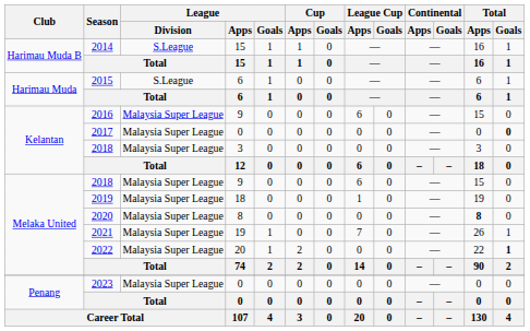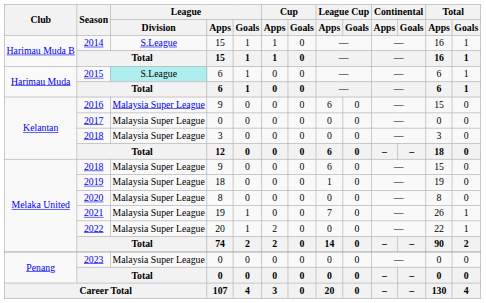 <table class=wikitable style="text-align:center">
 <tr>
 <th rowspan=2>Club</th>
 <th rowspan=2>Season</th>
 <th colspan=3>League</th>
 <th colspan=2>Cup</th>
 <th colspan=2>League Cup</th>
 <th colspan=2>Continental</th>
 <th colspan=2>Total</th>
 </tr>
 <tr>
 <th>Division</th>
 <th>Apps</th>
 <th>Goals</th>
 <th>Apps</th>
 <th>Goals</th>
 <th>Apps</th>
 <th>Goals</th>
 <th>Apps</th>
 <th>Goals</th>
 <th>Apps</th>
 <th>Goals</th>
 </tr>
 <tr>
 <td rowspan=2><a href='#'>Harimau Muda B</a></td>
 <td><a href='#'>2014</a></td>
 <td><a href='#'>S.League</a></td>
 <td>15</td>
 <td>1</td>
 <td>1</td>
 <td>0</td>
 <td colspan="2">—</td>
 <td colspan="2">—</td>
 <td>16</td>
 <td>1</td>
 </tr>
 <tr>
 <th colspan="2">Total</th>
 <th>15</th>
 <th>1</th>
 <th>1</th>
 <th>0</th>
 <th colspan="2">—</th>
 <th colspan="2">—</th>
 <th>16</th>
 <th>1</th>
 </tr>
 <tr>
 <td rowspan=2><a href='#'>Harimau Muda</a></td>
 <td><a href='#'>2015</a></td>
-<td>S.League</td>
+<td style="background: paleturquoise;">S.League</td>
 <td>6</td>
 <td>1</td>
 <td>0</td>
 <td>0</td>
 <td colspan="2">—</td>
 <td colspan="2">—</td>
 <td>6</td>
 <td>1</td>
 </tr>
 <tr>
 <th colspan="2">Total</th>
 <th>6</th>
 <th>1</th>
 <th>0</th>
 <th>0</th>
 <th colspan="2">—</th>
 <th colspan="2">—</th>
 <th>6</th>
 <th>1</th>
 </tr>
 <tr>
 <td rowspan=4><a href='#'>Kelantan</a></td>
 <td><a href='#'>2016</a></td>
 <td><a href='#'>Malaysia Super League</a></td>
 <td>9</td>
 <td>0</td>
 <td>0</td>
 <td>0</td>
 <td>6</td>
 <td>0</td>
 <td colspan="2">—</td>
 <td>15</td>
 <td>0</td>
 </tr>
 <tr>
 <td><a href='#'>2017</a></td>
 <td>Malaysia Super League</td>
 <td>0</td>
 <td>0</td>
 <td>0</td>
 <td>0</td>
 <td>0</td>
 <td>0</td>
 <td colspan="2">—</td>
 <td>0</td>
-<td><strong>0</strong></td>
+<td>0</td>
 </tr>
 <tr>
 <td><a href='#'>2018</a></td>
 <td>Malaysia Super League</td>
 <td>3</td>
 <td>0</td>
 <td>0</td>
 <td>0</td>
 <td>0</td>
 <td>0</td>
 <td colspan="2">—</td>
 <td>3</td>
 <td>0</td>
 </tr>
 <tr>
 <th colspan="2">Total</th>
 <th>12</th>
 <th>0</th>
 <th>0</th>
 <th>0</th>
 <th>6</th>
 <th>0</th>
 <th>–</th>
 <th>–</th>
 <th>18</th>
 <th>0</th>
 </tr>
 <tr>
 <td rowspan=6><a href='#'>Melaka United</a></td>
 <td><a href='#'>2018</a></td>
 <td>Malaysia Super League</td>
 <td>9</td>
 <td>0</td>
 <td>0</td>
 <td>0</td>
 <td>6</td>
 <td>0</td>
 <td colspan="2">—</td>
 <td>15</td>
 <td>0</td>
 </tr>
 <tr>
 <td><a href='#'>2019</a></td>
 <td>Malaysia Super League</td>
 <td>18</td>
 <td>0</td>
 <td>0</td>
 <td>0</td>
 <td>1</td>
 <td>0</td>
 <td colspan="2">—</td>
 <td>19</td>
 <td>0</td>
 </tr>
 <tr>
 <td><a href='#'>2020</a></td>
 <td>Malaysia Super League</td>
 <td>8</td>
 <td>0</td>
 <td>0</td>
 <td>0</td>
 <td>0</td>
 <td>0</td>
 <td colspan="2">—</td>
-<td><strong>8</strong></td>
+<td>8</td>
 <td>0</td>
 </tr>
 <tr>
 <td><a href='#'>2021</a></td>
 <td>Malaysia Super League</td>
 <td>19</td>
 <td>1</td>
 <td>0</td>
 <td>0</td>
 <td>7</td>
 <td>0</td>
 <td colspan="2">—</td>
 <td>26</td>
 <td>1</td>
 </tr>
 <tr>
 <td><a href='#'>2022</a></td>
 <td>Malaysia Super League</td>
 <td>20</td>
 <td>1</td>
 <td>2</td>
 <td>0</td>
 <td>0</td>
 <td>0</td>
 <td colspan="2">—</td>
 <td>22</td>
-<td><strong>1</strong></td>
+<td>1</td>
 </tr>
 <tr>
 <th colspan="2">Total</th>
 <th>74</th>
 <th>2</th>
 <th>2</th>
 <th>0</th>
 <th>14</th>
 <th>0</th>
 <th>–</th>
 <th>–</th>
 <th>90</th>
 <th>2</th>
 </tr>
 <tr>
 </tr>
 <tr>
 <td rowspan=2><a href='#'>Penang</a></td>
 <td><a href='#'>2023</a></td>
 <td>Malaysia Super League</td>
 <td>0</td>
 <td>0</td>
 <td>0</td>
 <td>0</td>
 <td>0</td>
 <td>0</td>
 <td colspan="2">—</td>
 <td>0</td>
 <td>0</td>
 </tr>
 <tr>
 <th colspan="2">Total</th>
 <th>0</th>
 <th>0</th>
 <th>0</th>
 <th>0</th>
 <th>0</th>
 <th>0</th>
 <th>–</th>
 <th>–</th>
 <th>0</th>
 <th>0</th>
 </tr>
 <tr>
 <th colspan="3">Career Total</th>
 <th>107</th>
 <th>4</th>
 <th>3</th>
 <th>0</th>
 <th>20</th>
 <th>0</th>
 <th>–</th>
 <th>–</th>
 <th>130</th>
 <th>4</th>
 </tr>
 </table>
